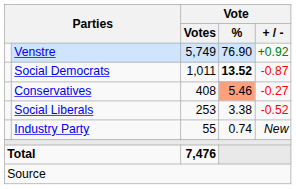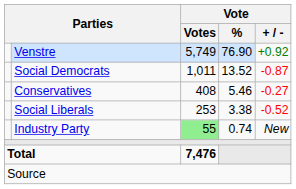 <table class="wikitable" style="text-align:right;">
 <tr>
 <th style="text-align:centre;" rowspan="2" colspan="2" width="225">Parties</th>
 <th colspan="3">Vote</th>
 </tr>
 <tr>
 <th width="15">Votes</th>
 <th width="15">%</th>
 <th width="15">+ / -</th>
 </tr>
 <tr>
 <td width="2" style="color:inherit;background:"></td>
 <td bgcolor=#cfe5fe  align="left"><a href='#'>Venstre</a></td>
 <td bgcolor=#cfe5fe>5,749</td>
 <td bgcolor=#cfe5fe>76.90</td>
 <td style=color:green;>+0.92</td>
 </tr>
 <tr>
 <td width="2" style="color:inherit;background:"></td>
 <td align="left"><a href='#'>Social Democrats</a></td>
 <td>1,011</td>
-<td><strong>13.52</strong></td>
+<td>13.52</td>
 <td style=color:red;>-0.87</td>
 </tr>
 <tr>
 <td width="2" style="color:inherit;background:"></td>
 <td align="left"><a href='#'>Conservatives</a></td>
 <td>408</td>
-<td style="background: lightsalmon;">5.46</td>
+<td>5.46</td>
 <td style=color:red;>-0.27</td>
 </tr>
 <tr>
 <td width="2" style="color:inherit;background:"></td>
 <td align="left"><a href='#'>Social Liberals</a></td>
 <td>253</td>
 <td>3.38</td>
 <td style=color:red;>-0.52</td>
 </tr>
 <tr>
 <td width="2" style="color:inherit;background:"></td>
 <td align="left"><a href='#'>Industry Party</a></td>
-<td>55</td>
+<td style="background: lightgreen;">55</td>
 <td>0.74</td>
 <td><em>New</em></td>
 </tr>
 <tr>
 <td colspan="7" bgcolor="#E9E9E9"></td>
 </tr>
 <tr>
 <td align="left" colspan="2"><strong>Total</strong></td>
 <td><strong>7,476</strong></td>
 <td bgcolor="#E9E9E9" colspan="2"></td>
 </tr>
 <tr>
 <td align="left" colspan="6">Source</td>
 </tr>
 </table>
